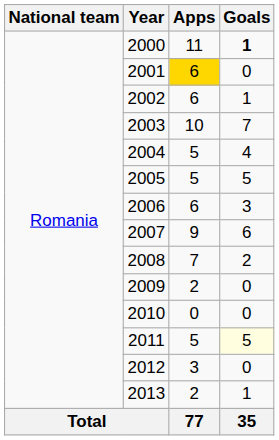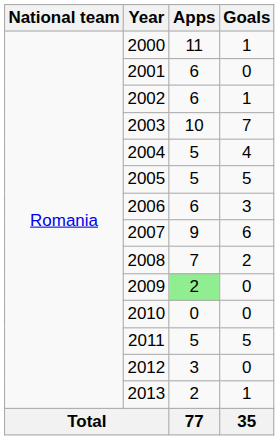 <table class="wikitable" style="text-align:center">
 <tr>
 <th>National team</th>
 <th>Year</th>
 <th>Apps</th>
 <th>Goals</th>
 </tr>
 <tr>
 <td rowspan="14"><a href='#'>Romania</a></td>
 <td>2000</td>
 <td>11</td>
-<td><strong>1</strong></td>
+<td>1</td>
 </tr>
 <tr>
 <td>2001</td>
-<td style="background: gold;">6</td>
+<td>6</td>
 <td>0</td>
 </tr>
 <tr>
 <td>2002</td>
 <td>6</td>
 <td>1</td>
 </tr>
 <tr>
 <td>2003</td>
 <td>10</td>
 <td>7</td>
 </tr>
 <tr>
 <td>2004</td>
 <td>5</td>
 <td>4</td>
 </tr>
 <tr>
 <td>2005</td>
 <td>5</td>
 <td>5</td>
 </tr>
 <tr>
 <td>2006</td>
 <td>6</td>
 <td>3</td>
 </tr>
 <tr>
 <td>2007</td>
 <td>9</td>
 <td>6</td>
 </tr>
 <tr>
 <td>2008</td>
 <td>7</td>
 <td>2</td>
 </tr>
 <tr>
 <td>2009</td>
-<td>2</td>
+<td style="background: lightgreen;">2</td>
 <td>0</td>
 </tr>
 <tr>
 <td>2010</td>
 <td>0</td>
 <td>0</td>
 </tr>
 <tr>
 <td>2011</td>
 <td>5</td>
-<td style="background: lightyellow;">5</td>
+<td>5</td>
 </tr>
 <tr>
 <td>2012</td>
 <td>3</td>
 <td>0</td>
 </tr>
 <tr>
 <td>2013</td>
 <td>2</td>
 <td>1</td>
 </tr>
 <tr>
 <th colspan="2">Total</th>
 <th>77</th>
 <th>35</th>
 </tr>
 </table>
